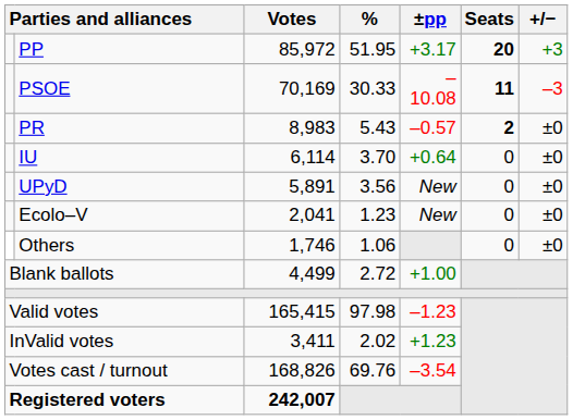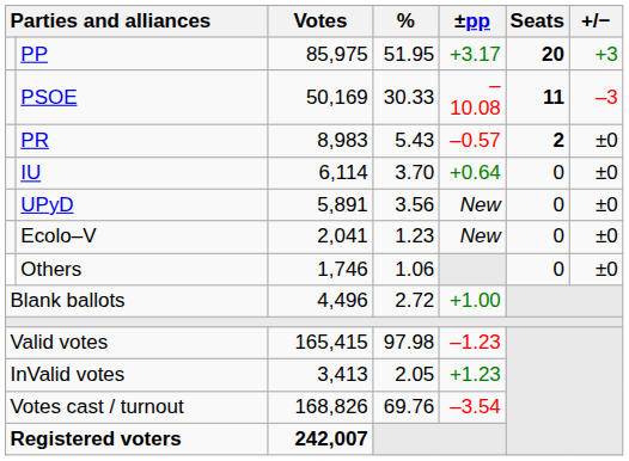 <table class="wikitable" style="text-align:right;">
 <tr>
 <th style="text-align:left;" colspan="2" width="200">Parties and alliances</th>
 <th width="75">Votes</th>
 <th width="45">%</th>
 <th width="45">±<a href='#'>pp</a></th>
 <th width="35">Seats</th>
 <th width="35">+/−</th>
 </tr>
 <tr>
 <td width="1" style="color:inherit;background:"></td>
 <td align="left"><a href='#'>PP</a></td>
-<td>85,972</td>
+<td>85,975</td>
 <td>51.95</td>
 <td style="color:green;">+3.17</td>
 <td><strong>20</strong></td>
 <td style="color:green;">+3</td>
 </tr>
 <tr>
 <td style="color:inherit;background:"></td>
 <td align="left"><a href='#'>PSOE</a></td>
-<td>70,169</td>
+<td>50,169</td>
 <td>30.33</td>
 <td style="color:red;">–10.08</td>
 <td><strong>11</strong></td>
 <td style="color:red;">–3</td>
 </tr>
 <tr>
 <td style="color:inherit;background:"></td>
 <td align="left"><a href='#'>PR</a></td>
 <td>8,983</td>
 <td>5.43</td>
 <td style="color:red;">–0.57</td>
 <td><strong>2</strong></td>
 <td>±0</td>
 </tr>
 <tr>
 <td style="color:inherit;background:"></td>
 <td align="left"><a href='#'>IU</a></td>
 <td>6,114</td>
 <td>3.70</td>
 <td style="color:green;">+0.64</td>
 <td>0</td>
 <td>±0</td>
 </tr>
 <tr>
 <td style="color:inherit;background:"></td>
 <td align="left"><a href='#'>UPyD</a></td>
 <td>5,891</td>
 <td>3.56</td>
 <td><em>New</em></td>
 <td>0</td>
 <td>±0</td>
 </tr>
 <tr>
 <td style="color:inherit;background:"></td>
 <td align="left">Ecolo–V</td>
 <td>2,041</td>
 <td>1.23</td>
 <td><em>New</em></td>
 <td>0</td>
 <td>±0</td>
 </tr>
 <tr>
 <td bgcolor="white"></td>
 <td align="left">Others</td>
 <td>1,746</td>
 <td>1.06</td>
 <td bgcolor="#E9E9E9"></td>
 <td>0</td>
 <td>±0</td>
 </tr>
 <tr>
 <td align="left" colspan="2">Blank ballots</td>
-<td>4,499</td>
+<td>4,496</td>
 <td>2.72</td>
 <td style="color:green;">+1.00</td>
 <td bgcolor="#E9E9E9" colspan="2"></td>
 </tr>
 <tr>
 <td colspan="7" bgcolor="#E9E9E9"></td>
 </tr>
 <tr>
 <td align="left" colspan="2">Valid votes</td>
 <td>165,415</td>
 <td>97.98</td>
 <td style="color:red;">–1.23</td>
 <td bgcolor="#E9E9E9" colspan="2" rowspan="4"></td>
 </tr>
 <tr>
 <td align="left" colspan="2">InValid votes</td>
-<td>3,411</td>
-<td>2.02</td>
+<td>3,413</td>
+<td>2.05</td>
 <td style="color:green;">+1.23</td>
 </tr>
 <tr>
 <td align="left" colspan="2">Votes cast / turnout</td>
 <td>168,826</td>
 <td>69.76</td>
 <td style="color:red;">–3.54</td>
 </tr>
 <tr style="font-weight:bold;">
 <td align="left" colspan="2">Registered voters</td>
 <td>242,007</td>
 <td bgcolor="#E9E9E9" colspan="2"></td>
 </tr>
 </table>
